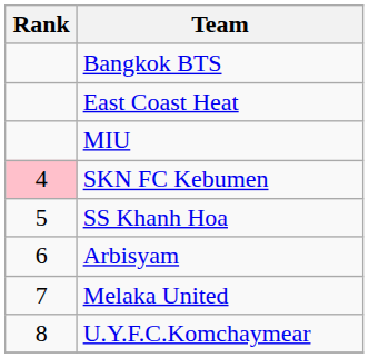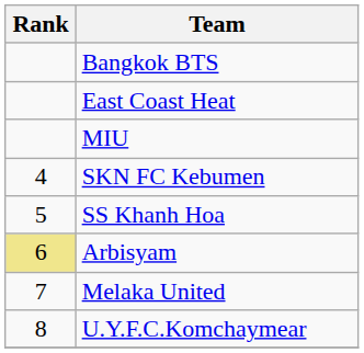 <table class="wikitable" style="text-align: center">
 <tr>
 <th width=40>Rank</th>
 <th width=180>Team</th>
 </tr>
 <tr align=center>
 <td></td>
 <td style="text-align:left;"> <a href='#'>Bangkok BTS</a></td>
 </tr>
 <tr align=center>
 <td></td>
 <td style="text-align:left;"> <a href='#'>East Coast Heat</a></td>
 </tr>
 <tr align=center>
 <td></td>
 <td style="text-align:left;"> <a href='#'>MIU</a></td>
 </tr>
 <tr align=center>
-<td style="background: pink;">4</td>
+<td>4</td>
 <td style="text-align:left;"> <a href='#'>SKN FC Kebumen</a></td>
 </tr>
 <tr align=center>
 <td>5</td>
 <td style="text-align:left;"> <a href='#'>SS Khanh Hoa</a></td>
 </tr>
 <tr align=center>
-<td>6</td>
+<td style="background: khaki;">6</td>
 <td style="text-align:left;"> <a href='#'>Arbisyam</a></td>
 </tr>
 <tr align=center>
 <td>7</td>
 <td style="text-align:left;"> <a href='#'>Melaka United</a></td>
 </tr>
 <tr align=center>
 <td>8</td>
 <td style="text-align:left;"> <a href='#'>U.Y.F.C.Komchaymear</a></td>
 </tr>
 <tr align=center>
 </tr>
 </table>
